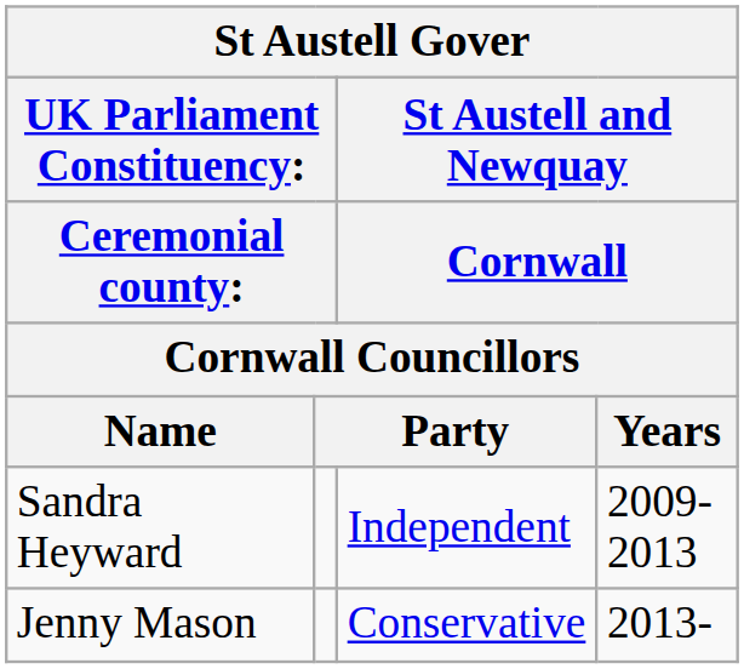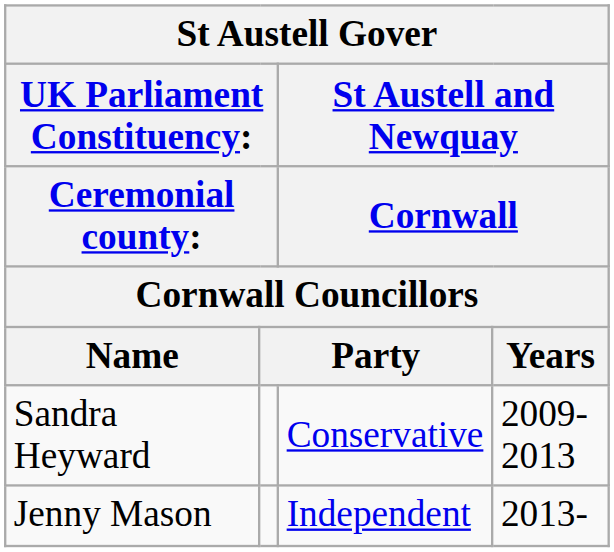 <table class="wikitable vcard" border="1" cellpadding="2" cellspacing="0" align="right" width="260" style="margin-left:0.5em;">
 <tr>
 <th class="fn org" colspan=4 align=center bgcolor="#ff9999"><strong>St Austell Gover</strong></th>
 </tr>
 <tr class="note">
 <th colspan=2><a href='#'>UK Parliament Constituency</a>:</th>
 <th colspan=2><a href='#'>St Austell and Newquay</a></th>
 </tr>
 <tr class="note">
 <th colspan=2><a href='#'>Ceremonial county</a>:</th>
 <th colspan=2><a href='#'>Cornwall</a></th>
 </tr>
 <tr>
 <th colspan=4 align=center bgcolor="#ff9999">Cornwall Councillors</th>
 </tr>
 <tr>
 <th>Name</th>
 <th colspan=2>Party</th>
 <th>Years</th>
 </tr>
 <tr>
 <td>Sandra Heyward</td>
 <td style="background-color: "></td>
-<td><a href='#'>Independent</a></td>
+<td><a href='#'>Conservative</a></td>
 <td>2009-2013</td>
 </tr>
 <tr>
 <td>Jenny Mason</td>
 <td style="background-color: "></td>
-<td><a href='#'>Conservative</a></td>
+<td><a href='#'>Independent</a></td>
 <td>2013-</td>
 </tr>
 </table>
